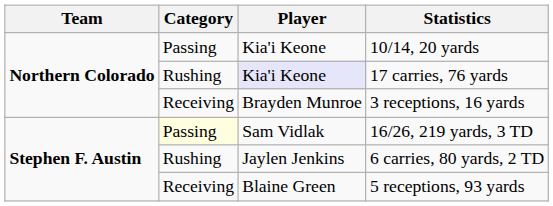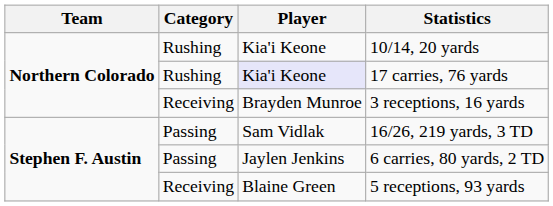 <table class="wikitable" style="float: right;">
 <tr>
 <th>Team</th>
 <th>Category</th>
 <th>Player</th>
 <th>Statistics</th>
 </tr>
 <tr>
 <td rowspan=3><strong>Northern Colorado</strong></td>
-<td>Passing</td>
+<td>Rushing</td>
 <td>Kia'i Keone</td>
 <td>10/14, 20 yards</td>
 </tr>
 <tr>
 <td>Rushing</td>
 <td style="background: lavender;">Kia'i Keone</td>
 <td>17 carries, 76 yards</td>
 </tr>
 <tr>
 <td>Receiving</td>
 <td>Brayden Munroe</td>
 <td>3 receptions, 16 yards</td>
 </tr>
 <tr>
 <td rowspan=3><strong>Stephen F. Austin</strong></td>
-<td style="background: lightyellow;">Passing</td>
+<td>Passing</td>
 <td>Sam Vidlak</td>
 <td>16/26, 219 yards, 3 TD</td>
 </tr>
 <tr>
-<td>Rushing</td>
+<td>Passing</td>
 <td>Jaylen Jenkins</td>
 <td>6 carries, 80 yards, 2 TD</td>
 </tr>
 <tr>
 <td>Receiving</td>
 <td>Blaine Green</td>
 <td>5 receptions, 93 yards</td>
 </tr>
 </table>
